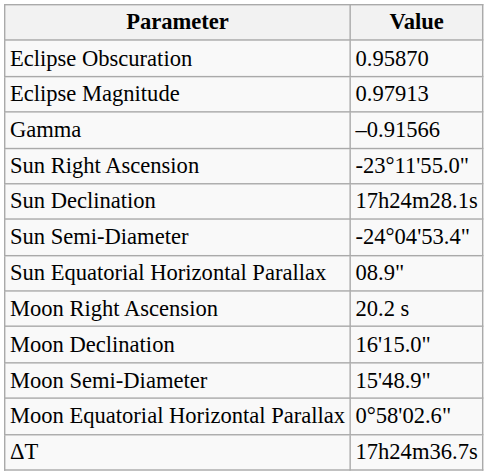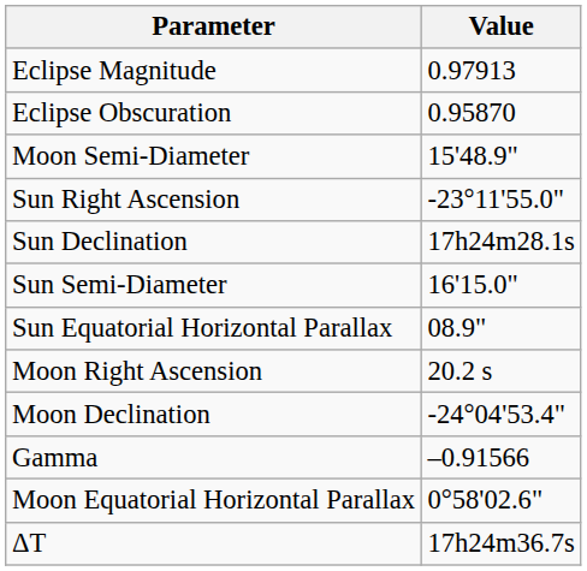 <table class="wikitable">
 <tr>
 <th>Parameter</th>
 <th>Value</th>
 </tr>
 <tr>
+<td>Eclipse Magnitude</td>
+<td>0.97913</td>
+</tr>
+<tr>
 <td>Eclipse Obscuration</td>
 <td>0.95870</td>
 </tr>
 <tr>
-<td>Eclipse Magnitude</td>
-<td>0.97913</td>
-</tr>
-<tr>
-<td>Gamma</td>
-<td>–0.91566</td>
+<td>Moon Semi-Diameter</td>
+<td>15'48.9"</td>
 </tr>
 <tr>
 <td>Sun Right Ascension</td>
 <td>-23°11'55.0"</td>
 </tr>
 <tr>
 <td>Sun Declination</td>
 <td>17h24m28.1s</td>
 </tr>
 <tr>
 <td>Sun Semi-Diameter</td>
-<td>-24°04'53.4"</td>
+<td>16'15.0"</td>
 </tr>
 <tr>
 <td>Sun Equatorial Horizontal Parallax</td>
 <td>08.9"</td>
 </tr>
 <tr>
 <td>Moon Right Ascension</td>
 <td>20.2 s</td>
 </tr>
 <tr>
 <td>Moon Declination</td>
-<td>16'15.0"</td>
+<td>-24°04'53.4"</td>
 </tr>
 <tr>
-<td>Moon Semi-Diameter</td>
-<td>15'48.9"</td>
+<td>Gamma</td>
+<td>–0.91566</td>
 </tr>
 <tr>
 <td>Moon Equatorial Horizontal Parallax</td>
 <td>0°58'02.6"</td>
 </tr>
 <tr>
 <td>ΔT</td>
 <td>17h24m36.7s</td>
 </tr>
 </table>
